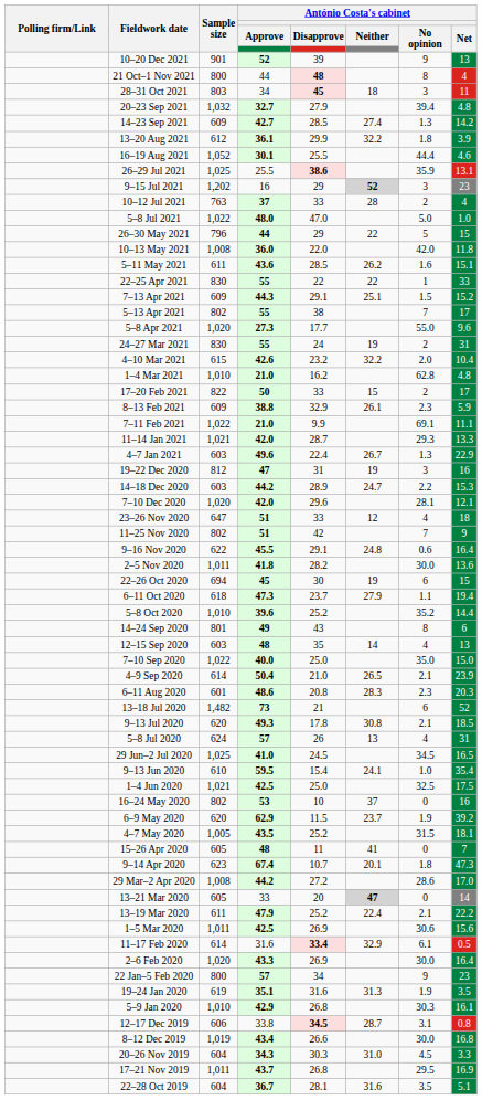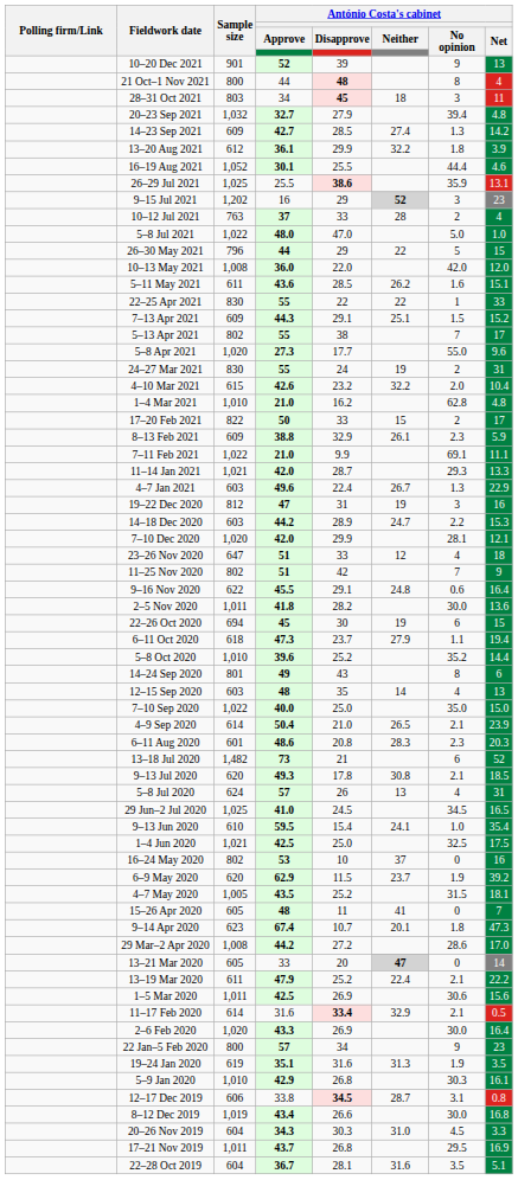 <table class="wikitable unsortable mw-datatable" style="text-align:center;font-size:95%;line-height:16px;">
 <tr>
 <th style="width:145px;" rowspan="4">Polling firm/Link</th>
 <th style="width:125px;" rowspan="4">Fieldwork date</th>
 <th class="unsortable" style="width:50px;" rowspan="4">Sample size</th>
 <th class="unsortable" colspan="5"><a href='#'>António Costa's cabinet</a></th>
 </tr>
 <tr>
 <th class="unsortable" colspan="5" style="background:"></th>
 </tr>
 <tr>
 <th class="unsortable" style="width:70px;">Approve</th>
 <th class="unsortable" style="width:70px;">Disapprove</th>
 <th class="unsortable" style="width:70px;">Neither</th>
 <th rowspan="2" class="unsortable" style="width:70px;">No opinion</th>
 <th rowspan="2" class="unsortable" style="width:30px;">Net</th>
 </tr>
 <tr>
 <th style="color:inherit;background:#008142;"></th>
 <th style="color:inherit;background:#DC241F;"></th>
 <th style="color:inherit;background:gray;"></th>
 </tr>
 <tr>
 <td></td>
 <td data-sort-value="2019-10-03">10–20 Dec 2021</td>
 <td>901</td>
 <td style="background:#DEFDDE;"><strong>52</strong></td>
 <td>39</td>
 <td></td>
 <td>9</td>
 <td style="background:#008142;color:white;">13</td>
 </tr>
 <tr>
 <td></td>
 <td data-sort-value="2019-10-03">21 Oct–1 Nov 2021</td>
 <td>800</td>
 <td>44</td>
 <td style="background:#FDDEDE;"><strong>48</strong></td>
 <td></td>
 <td>8</td>
 <td style="background:#DC241F;color:white;">4</td>
 </tr>
 <tr>
 <td></td>
 <td data-sort-value="2019-10-03">28–31 Oct 2021</td>
 <td>803</td>
 <td>34</td>
 <td style="background:#FDDEDE;"><strong>45</strong></td>
 <td>18</td>
 <td>3</td>
 <td style="background:#DC241F;color:white;">11</td>
 </tr>
 <tr>
 <td></td>
 <td data-sort-value="2019-10-03">20–23 Sep 2021</td>
 <td>1,032</td>
 <td style="background:#DEFDDE;"><strong>32.7</strong></td>
 <td>27.9</td>
 <td></td>
 <td>39.4</td>
 <td style="background:#008142;color:white;">4.8</td>
 </tr>
 <tr>
 <td></td>
 <td data-sort-value="2019-10-03">14–23 Sep 2021</td>
 <td>609</td>
 <td style="background:#DEFDDE;"><strong>42.7</strong></td>
 <td>28.5</td>
 <td>27.4</td>
 <td>1.3</td>
 <td style="background:#008142;color:white;">14.2</td>
 </tr>
 <tr>
 <td></td>
 <td data-sort-value="2019-10-03">13–20 Aug 2021</td>
 <td>612</td>
 <td style="background:#DEFDDE;"><strong>36.1</strong></td>
 <td>29.9</td>
 <td>32.2</td>
 <td>1.8</td>
 <td style="background:#008142;color:white;">3.9</td>
 </tr>
 <tr>
 <td></td>
 <td data-sort-value="2019-10-03">16–19 Aug 2021</td>
 <td>1,052</td>
 <td style="background:#DEFDDE;"><strong>30.1</strong></td>
 <td>25.5</td>
 <td></td>
 <td>44.4</td>
 <td style="background:#008142;color:white;">4.6</td>
 </tr>
 <tr>
 <td></td>
 <td data-sort-value="2019-10-03">26–29 Jul 2021</td>
 <td>1,025</td>
 <td>25.5</td>
 <td style="background:#FDDEDE;"><strong>38.6</strong></td>
 <td></td>
 <td>35.9</td>
 <td style="background:#DC241F;color:white;">13.1</td>
 </tr>
 <tr>
 <td></td>
 <td data-sort-value="2019-10-03">9–15 Jul 2021</td>
 <td>1,202</td>
 <td>16</td>
 <td>29</td>
 <td style="background:#d3d3d3;"><strong>52</strong></td>
 <td>3</td>
 <td style="background:gray;color:white;">23</td>
 </tr>
 <tr>
 <td></td>
 <td data-sort-value="2019-10-03">10–12 Jul 2021</td>
 <td>763</td>
 <td style="background:#DEFDDE;"><strong>37</strong></td>
 <td>33</td>
 <td>28</td>
 <td>2</td>
 <td style="background:#008142;color:white;">4</td>
 </tr>
 <tr>
 <td></td>
 <td>5–8 Jul 2021</td>
 <td>1,022</td>
 <td style="background:#DEFDDE;"><strong>48.0</strong></td>
 <td>47.0</td>
 <td></td>
 <td>5.0</td>
 <td style="background:#008142;color:white;">1.0</td>
 </tr>
 <tr>
 <td></td>
 <td data-sort-value="2019-10-03">26–30 May 2021</td>
 <td>796</td>
 <td style="background:#DEFDDE;"><strong>44</strong></td>
 <td>29</td>
 <td>22</td>
 <td>5</td>
 <td style="background:#008142;color:white;">15</td>
 </tr>
 <tr>
 <td></td>
 <td data-sort-value="2019-10-03">10–13 May 2021</td>
 <td>1,008</td>
 <td style="background:#DEFDDE;"><strong>36.0</strong></td>
 <td>22.0</td>
 <td></td>
 <td>42.0</td>
-<td style="background:#008142;color:white;">11.8</td>
+<td style="background:#008142;color:white;">12.0</td>
 </tr>
 <tr>
 <td></td>
 <td data-sort-value="2019-10-03">5–11 May 2021</td>
 <td>611</td>
 <td style="background:#DEFDDE;"><strong>43.6</strong></td>
 <td>28.5</td>
 <td>26.2</td>
 <td>1.6</td>
 <td style="background:#008142;color:white;">15.1</td>
 </tr>
 <tr>
 <td></td>
 <td data-sort-value="2019-10-03">22–25 Apr 2021</td>
 <td>830</td>
 <td style="background:#DEFDDE;"><strong>55</strong></td>
 <td>22</td>
 <td>22</td>
 <td>1</td>
 <td style="background:#008142;color:white;">33</td>
 </tr>
 <tr>
 <td></td>
 <td data-sort-value="2019-10-03">7–13 Apr 2021</td>
 <td>609</td>
 <td style="background:#DEFDDE;"><strong>44.3</strong></td>
 <td>29.1</td>
 <td>25.1</td>
 <td>1.5</td>
 <td style="background:#008142;color:white;">15.2</td>
 </tr>
 <tr>
 <td></td>
 <td data-sort-value="2019-10-03">5–13 Apr 2021</td>
 <td>802</td>
 <td style="background:#DEFDDE;"><strong>55</strong></td>
 <td>38</td>
 <td></td>
 <td>7</td>
 <td style="background:#008142;color:white;">17</td>
 </tr>
 <tr>
 <td></td>
 <td data-sort-value="2019-10-03">5–8 Apr 2021</td>
 <td>1,020</td>
 <td style="background:#DEFDDE;"><strong>27.3</strong></td>
 <td>17.7</td>
 <td></td>
 <td>55.0</td>
 <td style="background:#008142;color:white;">9.6</td>
 </tr>
 <tr>
 <td></td>
 <td data-sort-value="2019-10-03">24–27 Mar 2021</td>
 <td>830</td>
 <td style="background:#DEFDDE;"><strong>55</strong></td>
 <td>24</td>
 <td>19</td>
 <td>2</td>
 <td style="background:#008142;color:white;">31</td>
 </tr>
 <tr>
 <td></td>
 <td data-sort-value="2019-10-03">4–10 Mar 2021</td>
 <td>615</td>
 <td style="background:#DEFDDE;"><strong>42.6</strong></td>
 <td>23.2</td>
 <td>32.2</td>
 <td>2.0</td>
 <td style="background:#008142;color:white;">10.4</td>
 </tr>
 <tr>
 <td></td>
 <td data-sort-value="2019-10-03">1–4 Mar 2021</td>
 <td>1,010</td>
 <td style="background:#DEFDDE;"><strong>21.0</strong></td>
 <td>16.2</td>
 <td></td>
 <td>62.8</td>
 <td style="background:#008142;color:white;">4.8</td>
 </tr>
 <tr>
 <td></td>
 <td data-sort-value="2019-10-03">17–20 Feb 2021</td>
 <td>822</td>
 <td style="background:#DEFDDE;"><strong>50</strong></td>
 <td>33</td>
 <td>15</td>
 <td>2</td>
 <td style="background:#008142;color:white;">17</td>
 </tr>
 <tr>
 <td></td>
 <td data-sort-value="2019-10-03">8–13 Feb 2021</td>
 <td>609</td>
 <td style="background:#DEFDDE;"><strong>38.8</strong></td>
 <td>32.9</td>
 <td>26.1</td>
 <td>2.3</td>
 <td style="background:#008142;color:white;">5.9</td>
 </tr>
 <tr>
 <td></td>
 <td data-sort-value="2019-10-03">7–11 Feb 2021</td>
 <td>1,022</td>
 <td style="background:#DEFDDE;"><strong>21.0</strong></td>
 <td>9.9</td>
 <td></td>
 <td>69.1</td>
 <td style="background:#008142;color:white;">11.1</td>
 </tr>
 <tr>
 <td></td>
 <td>11–14 Jan 2021</td>
 <td>1,021</td>
 <td style="background:#DEFDDE;"><strong>42.0</strong></td>
 <td>28.7</td>
 <td></td>
 <td>29.3</td>
 <td style="background:#008142;color:white;">13.3</td>
 </tr>
 <tr>
 <td></td>
 <td data-sort-value="2019-10-03">4–7 Jan 2021</td>
 <td>603</td>
 <td style="background:#DEFDDE;"><strong>49.6</strong></td>
 <td>22.4</td>
 <td>26.7</td>
 <td>1.3</td>
 <td style="background:#008142;color:white;">22.9</td>
 </tr>
 <tr>
 <td></td>
 <td data-sort-value="2019-10-03">19–22 Dec 2020</td>
 <td>812</td>
 <td style="background:#DEFDDE;"><strong>47</strong></td>
 <td>31</td>
 <td>19</td>
 <td>3</td>
 <td style="background:#008142;color:white;">16</td>
 </tr>
 <tr>
 <td></td>
 <td data-sort-value="2019-10-03">14–18 Dec 2020</td>
 <td>603</td>
 <td style="background:#DEFDDE;"><strong>44.2</strong></td>
 <td>28.9</td>
 <td>24.7</td>
 <td>2.2</td>
 <td style="background:#008142;color:white;">15.3</td>
 </tr>
 <tr>
 <td></td>
 <td data-sort-value="2019-10-03">7–10 Dec 2020</td>
 <td>1,020</td>
 <td style="background:#DEFDDE;"><strong>42.0</strong></td>
-<td>29.6</td>
+<td>29.9</td>
 <td></td>
 <td>28.1</td>
 <td style="background:#008142;color:white;">12.1</td>
 </tr>
 <tr>
 <td></td>
 <td data-sort-value="2019-10-03">23–26 Nov 2020</td>
 <td>647</td>
 <td style="background:#DEFDDE;"><strong>51</strong></td>
 <td>33</td>
 <td>12</td>
 <td>4</td>
 <td style="background:#008142;color:white;">18</td>
 </tr>
 <tr>
 <td></td>
 <td>11–25 Nov 2020</td>
 <td>802</td>
 <td style="background:#DEFDDE;"><strong>51</strong></td>
 <td>42</td>
 <td></td>
 <td>7</td>
 <td style="background:#008142;color:white;">9</td>
 </tr>
 <tr>
 <td></td>
 <td data-sort-value="2019-10-03">9–16 Nov 2020</td>
 <td>622</td>
 <td style="background:#DEFDDE;"><strong>45.5</strong></td>
 <td>29.1</td>
 <td>24.8</td>
 <td>0.6</td>
 <td style="background:#008142;color:white;">16.4</td>
 </tr>
 <tr>
 <td></td>
 <td>2–5 Nov 2020</td>
 <td>1,011</td>
 <td style="background:#DEFDDE;"><strong>41.8</strong></td>
 <td>28.2</td>
 <td></td>
 <td>30.0</td>
 <td style="background:#008142;color:white;">13.6</td>
 </tr>
 <tr>
 <td></td>
 <td data-sort-value="2019-10-03">22–26 Oct 2020</td>
 <td>694</td>
 <td style="background:#DEFDDE;"><strong>45</strong></td>
 <td>30</td>
 <td>19</td>
 <td>6</td>
 <td style="background:#008142;color:white;">15</td>
 </tr>
 <tr>
 <td></td>
 <td data-sort-value="2019-10-03">6–11 Oct 2020</td>
 <td>618</td>
 <td style="background:#DEFDDE;"><strong>47.3</strong></td>
 <td>23.7</td>
 <td>27.9</td>
 <td>1.1</td>
 <td style="background:#008142;color:white;">19.4</td>
 </tr>
 <tr>
 <td></td>
 <td data-sort-value="2019-10-03">5–8 Oct 2020</td>
 <td>1,010</td>
 <td style="background:#DEFDDE;"><strong>39.6</strong></td>
 <td>25.2</td>
 <td></td>
 <td>35.2</td>
 <td style="background:#008142;color:white;">14.4</td>
 </tr>
 <tr>
 <td></td>
 <td>14–24 Sep 2020</td>
 <td>801</td>
 <td style="background:#DEFDDE;"><strong>49</strong></td>
 <td>43</td>
 <td></td>
 <td>8</td>
 <td style="background:#008142;color:white;">6</td>
 </tr>
 <tr>
 <td></td>
 <td data-sort-value="2019-10-03">12–15 Sep 2020</td>
 <td>603</td>
 <td style="background:#DEFDDE;"><strong>48</strong></td>
 <td>35</td>
 <td>14</td>
 <td>4</td>
 <td style="background:#008142;color:white;">13</td>
 </tr>
 <tr>
 <td></td>
 <td data-sort-value="2019-10-03">7–10 Sep 2020</td>
 <td>1,022</td>
 <td style="background:#DEFDDE;"><strong>40.0</strong></td>
 <td>25.0</td>
 <td></td>
 <td>35.0</td>
 <td style="background:#008142;color:white;">15.0</td>
 </tr>
 <tr>
 <td></td>
 <td data-sort-value="2019-10-03">4–9 Sep 2020</td>
 <td>614</td>
 <td style="background:#DEFDDE;"><strong>50.4</strong></td>
 <td>21.0</td>
 <td>26.5</td>
 <td>2.1</td>
 <td style="background:#008142;color:white;">23.9</td>
 </tr>
 <tr>
 <td></td>
 <td data-sort-value="2019-10-03">6–11 Aug 2020</td>
 <td>601</td>
 <td style="background:#DEFDDE;"><strong>48.6</strong></td>
 <td>20.8</td>
 <td>28.3</td>
 <td>2.3</td>
 <td style="background:#008142;color:white;">20.3</td>
 </tr>
 <tr>
 <td></td>
 <td data-sort-value="2019-10-03">13–18 Jul 2020</td>
 <td>1,482</td>
 <td style="background:#DEFDDE;"><strong>73</strong></td>
 <td>21</td>
 <td></td>
 <td>6</td>
 <td style="background:#008142;color:white;">52</td>
 </tr>
 <tr>
 <td></td>
 <td data-sort-value="2019-10-03">9–13 Jul 2020</td>
 <td>620</td>
 <td style="background:#DEFDDE;"><strong>49.3</strong></td>
 <td>17.8</td>
 <td>30.8</td>
 <td>2.1</td>
 <td style="background:#008142;color:white;">18.5</td>
 </tr>
 <tr>
 <td></td>
 <td data-sort-value="2019-10-03">5–8 Jul 2020</td>
 <td>624</td>
 <td style="background:#DEFDDE;"><strong>57</strong></td>
 <td>26</td>
 <td>13</td>
 <td>4</td>
 <td style="background:#008142;color:white;">31</td>
 </tr>
 <tr>
 <td></td>
 <td data-sort-value="2019-10-03">29 Jun–2 Jul 2020</td>
 <td>1,025</td>
 <td style="background:#DEFDDE;"><strong>41.0</strong></td>
 <td>24.5</td>
 <td></td>
 <td>34.5</td>
 <td style="background:#008142;color:white;">16.5</td>
 </tr>
 <tr>
 <td></td>
 <td data-sort-value="2019-10-03">9–13 Jun 2020</td>
 <td>610</td>
 <td style="background:#DEFDDE;"><strong>59.5</strong></td>
 <td>15.4</td>
 <td>24.1</td>
 <td>1.0</td>
 <td style="background:#008142;color:white;">35.4</td>
 </tr>
 <tr>
 <td></td>
 <td data-sort-value="2019-10-03">1–4 Jun 2020</td>
 <td>1,021</td>
 <td style="background:#DEFDDE;"><strong>42.5</strong></td>
 <td>25.0</td>
 <td></td>
 <td>32.5</td>
 <td style="background:#008142;color:white;">17.5</td>
 </tr>
 <tr>
 <td></td>
 <td data-sort-value="2019-10-03">16–24 May 2020</td>
 <td>802</td>
 <td style="background:#DEFDDE;"><strong>53</strong></td>
 <td>10</td>
 <td>37</td>
 <td>0</td>
 <td style="background:#008142;color:white;">16</td>
 </tr>
 <tr>
 <td></td>
 <td data-sort-value="2019-10-03">6–9 May 2020</td>
 <td>620</td>
 <td style="background:#DEFDDE;"><strong>62.9</strong></td>
 <td>11.5</td>
 <td>23.7</td>
 <td>1.9</td>
 <td style="background:#008142;color:white;">39.2</td>
 </tr>
 <tr>
 <td></td>
 <td data-sort-value="2019-10-03">4–7 May 2020</td>
 <td>1,005</td>
 <td style="background:#DEFDDE;"><strong>43.5</strong></td>
 <td>25.2</td>
 <td></td>
 <td>31.5</td>
 <td style="background:#008142;color:white;">18.1</td>
 </tr>
 <tr>
 <td></td>
 <td data-sort-value="2019-10-03">15–26 Apr 2020</td>
 <td>605</td>
 <td style="background:#DEFDDE;"><strong>48</strong></td>
 <td>11</td>
 <td>41</td>
 <td>0</td>
 <td style="background:#008142;color:white;">7</td>
 </tr>
 <tr>
 <td></td>
 <td data-sort-value="2019-10-03">9–14 Apr 2020</td>
 <td>623</td>
 <td style="background:#DEFDDE;"><strong>67.4</strong></td>
 <td>10.7</td>
 <td>20.1</td>
 <td>1.8</td>
 <td style="background:#008142;color:white;">47.3</td>
 </tr>
 <tr>
 <td></td>
 <td data-sort-value="2019-10-03">29 Mar–2 Apr 2020</td>
 <td>1,008</td>
 <td style="background:#DEFDDE;"><strong>44.2</strong></td>
 <td>27.2</td>
 <td></td>
 <td>28.6</td>
 <td style="background:#008142;color:white;">17.0</td>
 </tr>
 <tr>
 <td></td>
 <td data-sort-value="2019-10-03">13–21 Mar 2020</td>
 <td>605</td>
 <td>33</td>
 <td>20</td>
 <td style="background:#d3d3d3;"><strong>47</strong></td>
 <td>0</td>
 <td style="background:gray;color:white;">14</td>
 </tr>
 <tr>
 <td></td>
 <td data-sort-value="2019-10-03">13–19 Mar 2020</td>
 <td>611</td>
 <td style="background:#DEFDDE;"><strong>47.9</strong></td>
 <td>25.2</td>
 <td>22.4</td>
 <td>2.1</td>
 <td style="background:#008142;color:white;">22.2</td>
 </tr>
 <tr>
 <td></td>
 <td>1–5 Mar 2020</td>
 <td>1,011</td>
 <td style="background:#DEFDDE;"><strong>42.5</strong></td>
 <td>26.9</td>
 <td></td>
 <td>30.6</td>
 <td style="background:#008142;color:white;">15.6</td>
 </tr>
 <tr>
 <td></td>
 <td data-sort-value="2019-10-03">11–17 Feb 2020</td>
 <td>614</td>
 <td>31.6</td>
 <td style="background:#FDDEDE;"><strong>33.4</strong></td>
 <td>32.9</td>
-<td>6.1</td>
+<td>2.1</td>
 <td style="background:#DC241F;color:white;">0.5</td>
 </tr>
 <tr>
 <td></td>
 <td>2–6 Feb 2020</td>
 <td>1,020</td>
 <td style="background:#DEFDDE;"><strong>43.3</strong></td>
 <td>26.9</td>
 <td></td>
 <td>30.0</td>
 <td style="background:#008142;color:white;">16.4</td>
 </tr>
 <tr>
 <td></td>
 <td>22 Jan–5 Feb 2020</td>
 <td>800</td>
 <td style="background:#DEFDDE;"><strong>57</strong></td>
 <td>34</td>
 <td></td>
 <td>9</td>
 <td style="background:#008142;color:white;">23</td>
 </tr>
 <tr>
 <td></td>
 <td data-sort-value="2019-10-03">19–24 Jan 2020</td>
 <td>619</td>
 <td style="background:#DEFDDE;"><strong>35.1</strong></td>
 <td>31.6</td>
 <td>31.3</td>
 <td>1.9</td>
 <td style="background:#008142;color:white;">3.5</td>
 </tr>
 <tr>
 <td></td>
 <td>5–9 Jan 2020</td>
 <td>1,010</td>
 <td style="background:#DEFDDE;"><strong>42.9</strong></td>
 <td>26.8</td>
 <td></td>
 <td>30.3</td>
 <td style="background:#008142;color:white;">16.1</td>
 </tr>
 <tr>
 <td></td>
 <td data-sort-value="2019-10-03">12–17 Dec 2019</td>
 <td>606</td>
 <td>33.8</td>
 <td style="background:#FDDEDE;"><strong>34.5</strong></td>
 <td>28.7</td>
 <td>3.1</td>
 <td style="background:#DC241F;color:white;">0.8</td>
 </tr>
 <tr>
 <td></td>
 <td>8–12 Dec 2019</td>
 <td>1,019</td>
 <td style="background:#DEFDDE;"><strong>43.4</strong></td>
 <td>26.6</td>
 <td></td>
 <td>30.0</td>
 <td style="background:#008142;color:white;">16.8</td>
 </tr>
 <tr>
 <td></td>
 <td data-sort-value="2019-10-03">20–26 Nov 2019</td>
 <td>604</td>
 <td style="background:#DEFDDE;"><strong>34.3</strong></td>
 <td>30.3</td>
 <td>31.0</td>
 <td>4.5</td>
 <td style="background:#008142;color:white;">3.3</td>
 </tr>
 <tr>
 <td></td>
 <td>17–21 Nov 2019</td>
 <td>1,011</td>
 <td style="background:#DEFDDE;"><strong>43.7</strong></td>
 <td>26.8</td>
 <td></td>
 <td>29.5</td>
 <td style="background:#008142;color:white;">16.9</td>
 </tr>
 <tr>
 <td></td>
 <td data-sort-value="2019-10-03">22–28 Oct 2019</td>
 <td>604</td>
 <td style="background:#DEFDDE;"><strong>36.7</strong></td>
 <td>28.1</td>
 <td>31.6</td>
 <td>3.5</td>
 <td style="background:#008142;color:white;">5.1</td>
 </tr>
 </table>
